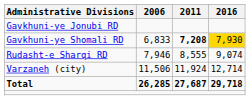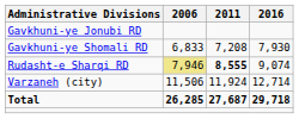 <table class="wikitable">
 <tr>
 <th>Administrative Divisions</th>
 <th>2006</th>
 <th>2011</th>
 <th>2016</th>
 </tr>
 <tr>
 <td><a href='#'>Gavkhuni-ye Jonubi RD</a></td>
 <td style="text-align: right;"></td>
 <td style="text-align: right;"></td>
 <td style="text-align: right;"></td>
 </tr>
 <tr>
 <td><a href='#'>Gavkhuni-ye Shomali RD</a></td>
 <td style="text-align: right;">6,833</td>
-<td style="text-align: right;"><strong>7,208</strong></td>
-<td style="background: gold; text-align: right;">7,930</td>
+<td style="text-align: right;">7,208</td>
+<td style="text-align: right;">7,930</td>
 </tr>
 <tr>
 <td><a href='#'>Rudasht-e Sharqi RD</a></td>
-<td style="text-align: right;">7,946</td>
-<td style="text-align: right;">8,555</td>
+<td style="background: khaki; text-align: right;">7,946</td>
+<td style="text-align: right;"><strong>8,555</strong></td>
 <td style="text-align: right;">9,074</td>
 </tr>
 <tr>
 <td><a href='#'>Varzaneh</a> (city)</td>
 <td style="text-align: right;">11,506</td>
 <td style="text-align: right;">11,924</td>
 <td style="text-align: right;">12,714</td>
 </tr>
 <tr>
 <td><strong>Total</strong></td>
 <td style="text-align: right;"><strong>26,285</strong></td>
 <td style="text-align: right;"><strong>27,687</strong></td>
 <td style="text-align: right;"><strong>29,718</strong></td>
 </tr>
 <tr>
 <td colspan=4></td>
 </tr>
 </table>
